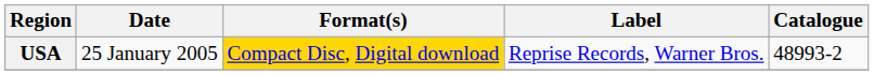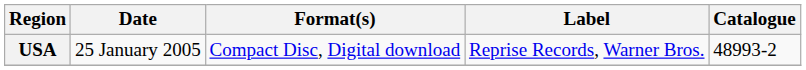 <table class="wikitable plainrowheaders">
 <tr>
 <th scope="col">Region</th>
 <th scope="col">Date</th>
 <th scope="col">Format(s)</th>
 <th scope="col">Label</th>
 <th scope="col">Catalogue</th>
 </tr>
 <tr>
 <th scope="row">USA</th>
 <td>25 January 2005</td>
-<td style="background: gold;"><a href='#'>Compact Disc</a>, <a href='#'>Digital download</a></td>
+<td><a href='#'>Compact Disc</a>, <a href='#'>Digital download</a></td>
 <td><a href='#'>Reprise Records</a>, <a href='#'>Warner Bros.</a></td>
 <td>48993-2</td>
 </tr>
 <tr>
 </tr>
 </table>
